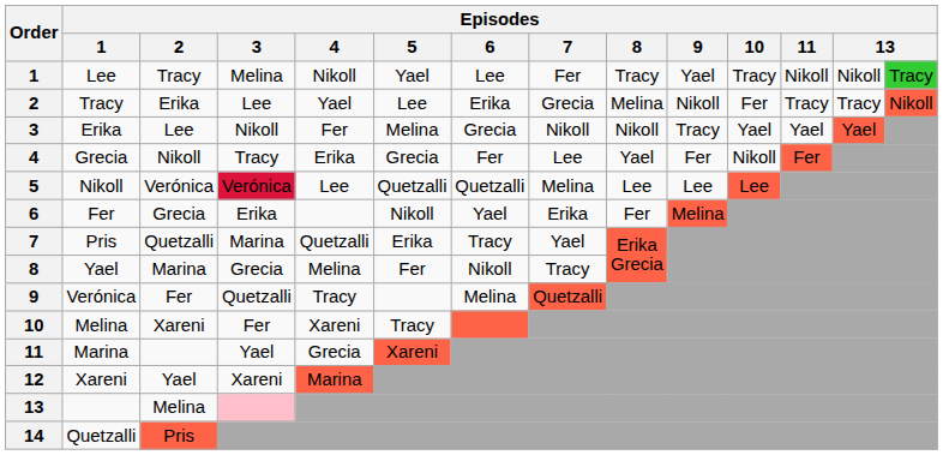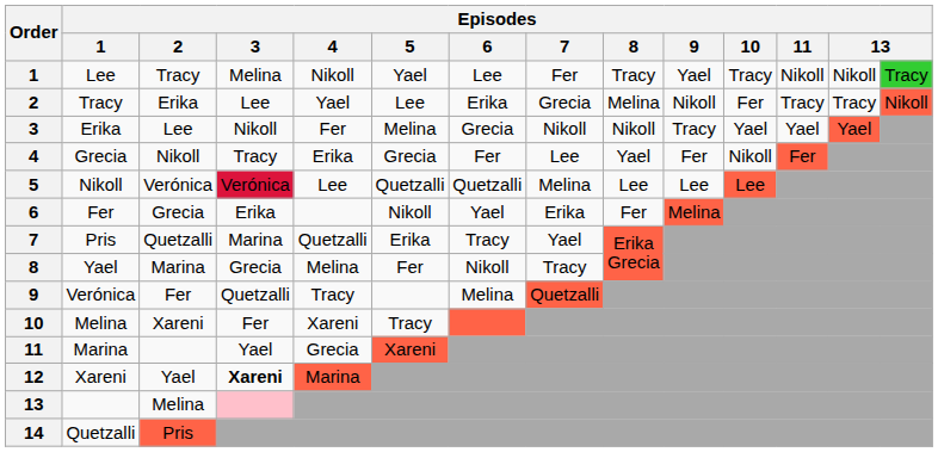 <table class="wikitable" style="text-align:center; font-size:92%">
 <tr>
 <th rowspan=2>Order</th>
 <th colspan=13>Episodes</th>
 </tr>
 <tr>
 <th>1</th>
 <th>2</th>
 <th>3</th>
 <th>4</th>
 <th>5</th>
 <th>6</th>
 <th>7</th>
 <th>8</th>
 <th>9</th>
 <th>10</th>
 <th>11</th>
 <th colspan=2>13</th>
 </tr>
 <tr>
 <th>1</th>
 <td>Lee</td>
 <td>Tracy</td>
 <td>Melina</td>
 <td>Nikoll</td>
 <td>Yael</td>
 <td>Lee</td>
 <td>Fer</td>
 <td>Tracy</td>
 <td>Yael</td>
 <td>Tracy</td>
 <td>Nikoll</td>
 <td>Nikoll</td>
 <td bgcolor="limegreen">Tracy</td>
 </tr>
 <tr>
 <th>2</th>
 <td>Tracy</td>
 <td>Erika</td>
 <td>Lee</td>
 <td>Yael</td>
 <td>Lee</td>
 <td>Erika</td>
 <td>Grecia</td>
 <td>Melina</td>
 <td>Nikoll</td>
 <td>Fer</td>
 <td>Tracy</td>
 <td>Tracy</td>
 <td bgcolor="tomato">Nikoll</td>
 </tr>
 <tr>
 <th>3</th>
 <td>Erika</td>
 <td>Lee</td>
 <td>Nikoll</td>
 <td>Fer</td>
 <td>Melina</td>
 <td>Grecia</td>
 <td>Nikoll</td>
 <td>Nikoll</td>
 <td>Tracy</td>
 <td>Yael</td>
 <td>Yael</td>
 <td bgcolor="tomato">Yael</td>
 <td bgcolor="A9A9A9"></td>
 </tr>
 <tr>
 <th>4</th>
 <td>Grecia</td>
 <td>Nikoll</td>
 <td>Tracy</td>
 <td>Erika</td>
 <td>Grecia</td>
 <td>Fer</td>
 <td>Lee</td>
 <td>Yael</td>
 <td>Fer</td>
 <td>Nikoll</td>
 <td bgcolor="tomato">Fer</td>
 <td colspan=2 bgcolor="A9A9A9"></td>
 </tr>
 <tr>
 <th>5</th>
 <td>Nikoll</td>
 <td>Verónica</td>
 <td style="background:crimson;"><span> Verónica </span></td>
 <td>Lee</td>
 <td>Quetzalli</td>
 <td>Quetzalli</td>
 <td>Melina</td>
 <td>Lee</td>
 <td>Lee</td>
 <td bgcolor="tomato">Lee</td>
 <td colspan=3 bgcolor="A9A9A9"></td>
 </tr>
 <tr>
 <th>6</th>
 <td>Fer</td>
 <td>Grecia</td>
 <td>Erika</td>
 <td></td>
 <td>Nikoll</td>
 <td>Yael</td>
 <td>Erika</td>
 <td>Fer</td>
 <td bgcolor="tomato">Melina</td>
 <td colspan=4 bgcolor="A9A9A9"></td>
 </tr>
 <tr>
 <th>7</th>
 <td>Pris</td>
 <td>Quetzalli</td>
 <td>Marina</td>
 <td>Quetzalli</td>
 <td>Erika</td>
 <td>Tracy</td>
 <td>Yael</td>
 <td bgcolor="tomato" rowspan="2">Erika<br>Grecia</td>
 <td colspan=5 bgcolor="A9A9A9"></td>
 </tr>
 <tr>
 <th>8</th>
 <td>Yael</td>
 <td>Marina</td>
 <td>Grecia</td>
 <td>Melina</td>
 <td>Fer</td>
 <td>Nikoll</td>
 <td>Tracy</td>
 <td colspan=5 bgcolor="A9A9A9"></td>
 </tr>
 <tr>
 <th>9</th>
 <td>Verónica</td>
 <td>Fer</td>
 <td>Quetzalli</td>
 <td>Tracy</td>
 <td></td>
 <td>Melina</td>
 <td bgcolor="tomato">Quetzalli</td>
 <td colspan=6 bgcolor="A9A9A9"></td>
 </tr>
 <tr>
 <th>10</th>
 <td>Melina</td>
 <td>Xareni</td>
 <td>Fer</td>
 <td>Xareni</td>
 <td>Tracy</td>
 <td bgcolor="tomato"></td>
 <td colspan=7 bgcolor="A9A9A9"></td>
 </tr>
 <tr>
 <th>11</th>
 <td>Marina</td>
 <td></td>
 <td>Yael</td>
 <td>Grecia</td>
 <td bgcolor="tomato">Xareni</td>
 <td colspan=8 bgcolor="A9A9A9"></td>
 </tr>
 <tr>
 <th>12</th>
 <td>Xareni</td>
 <td>Yael</td>
-<td>Xareni</td>
+<td><strong>Xareni</strong></td>
 <td bgcolor="tomato">Marina</td>
 <td colspan=9 bgcolor="A9A9A9"></td>
 </tr>
 <tr>
 <th>13</th>
 <td></td>
 <td>Melina</td>
 <td bgcolor="pink"></td>
 <td colspan=10 bgcolor="A9A9A9"></td>
 </tr>
 <tr>
 <th>14</th>
 <td>Quetzalli</td>
 <td bgcolor="tomato">Pris</td>
 <td colspan=11 bgcolor="A9A9A9"></td>
 </tr>
 </table>
